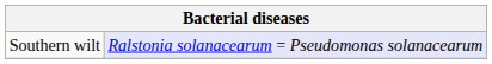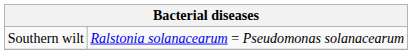 <table class="wikitable" style="clear">
 <tr>
 <th colspan=2><strong>Bacterial diseases</strong><br></th>
 </tr>
 <tr>
 <td>Southern wilt</td>
-<td style="background: lavender;"><em><a href='#'>Ralstonia solanacearum</a></em> = <em>Pseudomonas solanacearum</em></td>
+<td><em><a href='#'>Ralstonia solanacearum</a></em> = <em>Pseudomonas solanacearum</em></td>
 </tr>
 <tr>
 </tr>
 </table>
